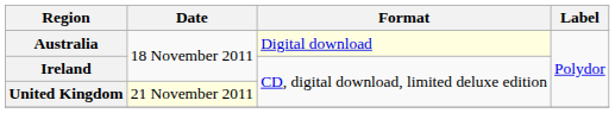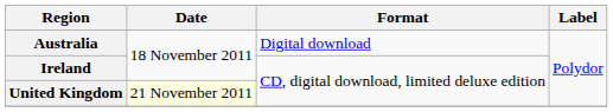 <table class="wikitable plainrowheaders">
 <tr>
 <th scope="col">Region</th>
 <th scope="col">Date</th>
 <th scope="col">Format</th>
 <th scope="col">Label</th>
 </tr>
 <tr>
 <th scope="row">Australia</th>
 <td rowspan=2>18 November 2011</td>
-<td style="background: lightyellow;"><a href='#'>Digital download</a></td>
+<td><a href='#'>Digital download</a></td>
 <td rowspan=3><a href='#'>Polydor</a></td>
 </tr>
 <tr>
 <th scope="row">Ireland</th>
 <td rowspan=2><a href='#'>CD</a>, digital download, limited deluxe edition</td>
 </tr>
 <tr>
 <th scope="row">United Kingdom</th>
 <td style="background: lightyellow;">21 November 2011</td>
 </tr>
 <tr>
 </tr>
 </table>
